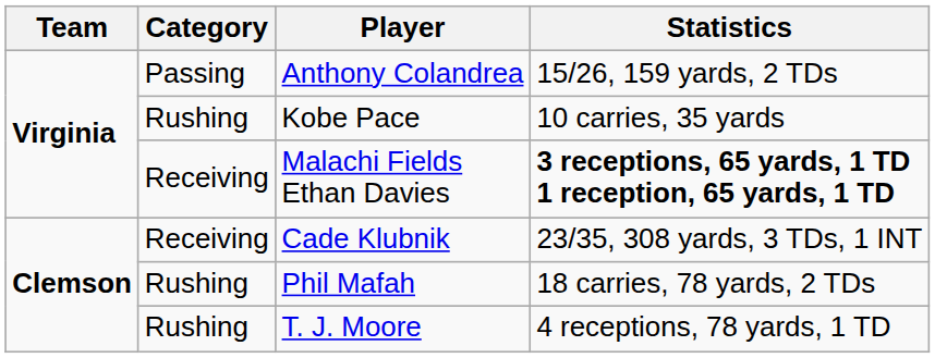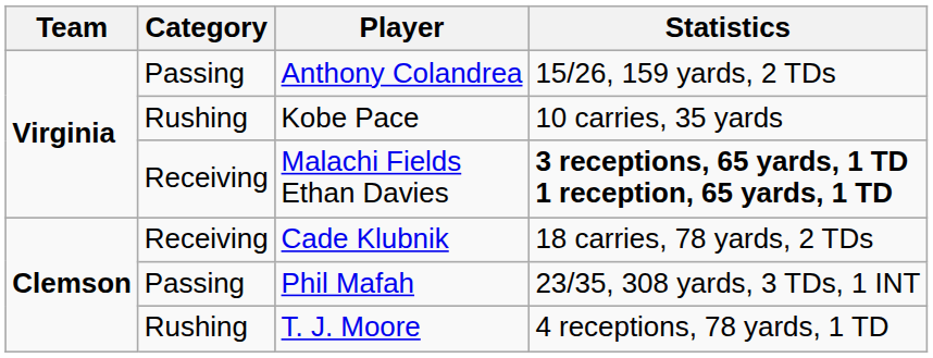 <table class="wikitable" style="float: right;">
 <tr>
 <th>Team</th>
 <th>Category</th>
 <th>Player</th>
 <th>Statistics</th>
 </tr>
 <tr>
 <td rowspan=3><strong>Virginia</strong></td>
 <td>Passing</td>
 <td><a href='#'>Anthony Colandrea</a></td>
 <td>15/26, 159 yards, 2 TDs</td>
 </tr>
 <tr>
 <td>Rushing</td>
 <td>Kobe Pace</td>
 <td>10 carries, 35 yards</td>
 </tr>
 <tr>
 <td>Receiving</td>
 <td><a href='#'>Malachi Fields</a><br>Ethan Davies</td>
 <td><strong>3 receptions, 65 yards, 1 TD<br>1 reception, 65 yards, 1 TD</strong></td>
 </tr>
 <tr>
 <td rowspan=3><strong>Clemson</strong></td>
 <td>Receiving</td>
 <td><a href='#'>Cade Klubnik</a></td>
-<td>23/35, 308 yards, 3 TDs, 1 INT</td>
+<td>18 carries, 78 yards, 2 TDs</td>
 </tr>
 <tr>
-<td>Rushing</td>
+<td>Passing</td>
 <td><a href='#'>Phil Mafah</a></td>
-<td>18 carries, 78 yards, 2 TDs</td>
+<td>23/35, 308 yards, 3 TDs, 1 INT</td>
 </tr>
 <tr>
 <td>Rushing</td>
 <td><a href='#'>T. J. Moore</a></td>
 <td>4 receptions, 78 yards, 1 TD</td>
 </tr>
 </table>
